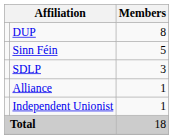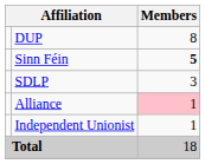 <table class="wikitable">
 <tr>
 <th colspan="2">Affiliation</th>
 <th>Members</th>
 </tr>
 <tr>
 <td></td>
 <td><a href='#'>DUP</a></td>
 <td align="right">8</td>
 </tr>
 <tr>
 <td></td>
 <td><a href='#'>Sinn Féin</a></td>
-<td align="right">5</td>
+<td align="right"><strong>5</strong></td>
 </tr>
 <tr>
 <td></td>
 <td><a href='#'>SDLP</a></td>
 <td align="right">3</td>
 </tr>
 <tr>
 <td></td>
 <td><a href='#'>Alliance</a></td>
-<td align="right">1</td>
+<td align="right" style="background: pink;">1</td>
 </tr>
 <tr>
 <td></td>
 <td><a href='#'>Independent Unionist</a></td>
 <td align="right">1</td>
 </tr>
 <tr bgcolor="CCCCCC">
 <td colspan="2" rowspan="1"> <strong>Total</strong></td>
 <td align="right">18</td>
 </tr>
 <tr>
 </tr>
 </table>
